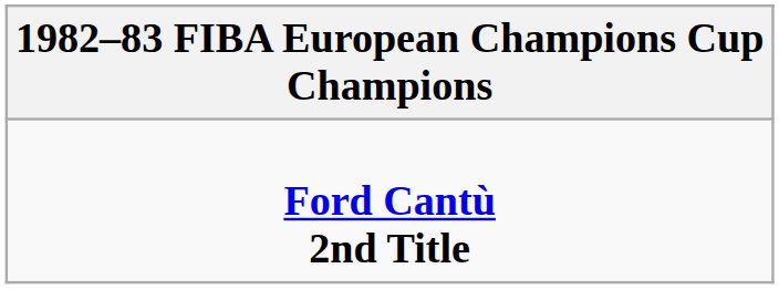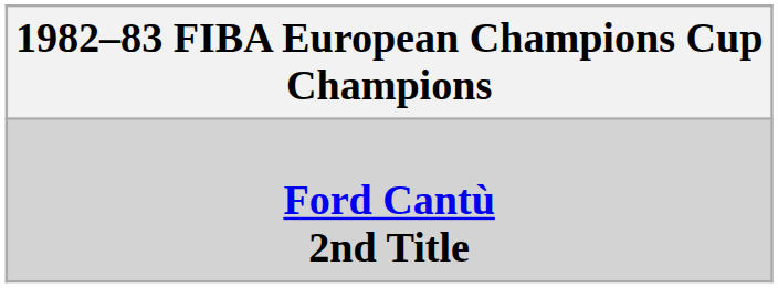 <table class=wikitable style="text-align:center; margin:auto">
 <tr>
 <th>1982–83 FIBA European Champions Cup<br>Champions</th>
 </tr>
 <tr>
-<td> <br> <strong><a href='#'>Ford Cantù</a></strong> <br> <strong>2nd Title</strong></td>
+<td style="background: lightgrey;"> <br> <strong><a href='#'>Ford Cantù</a></strong> <br> <strong>2nd Title</strong></td>
 </tr>
 </table>
